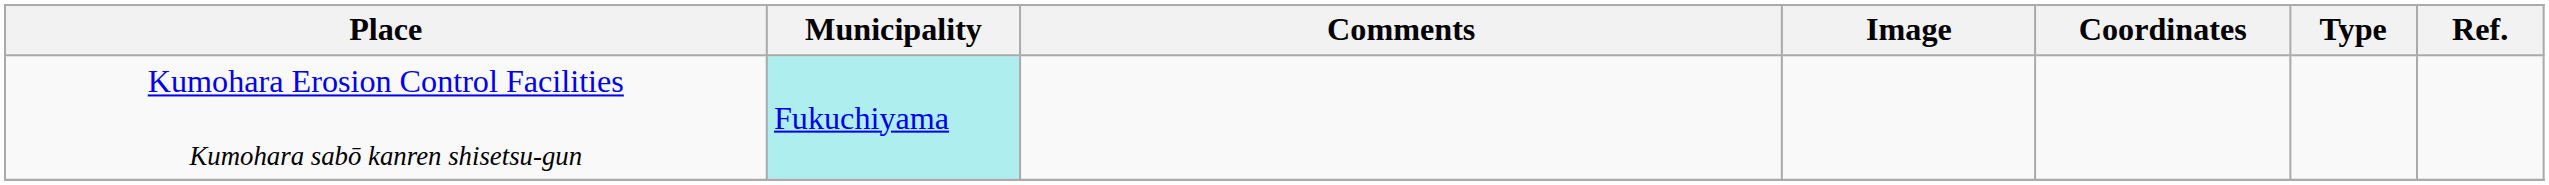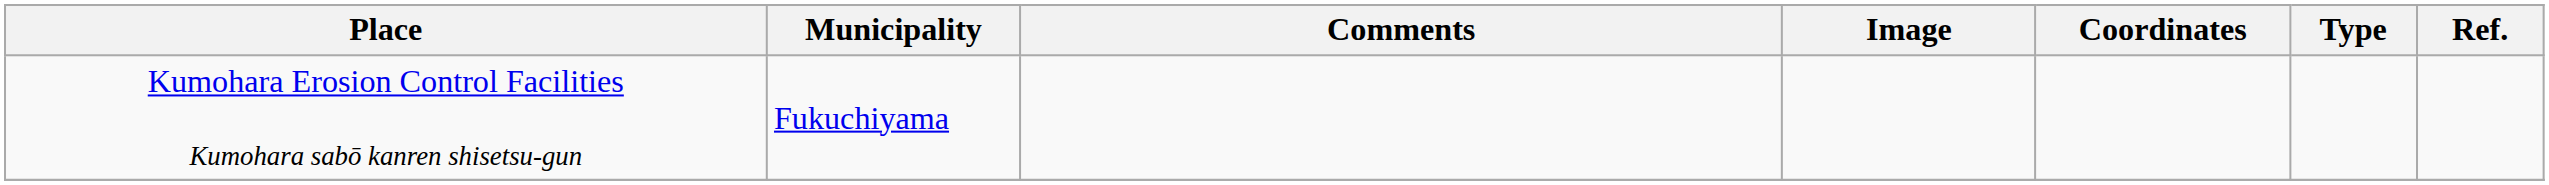 <table class="wikitable sortable"  style="width:100%;">
 <tr>
 <th width="30%" align="left">Place</th>
 <th width="10%" align="left">Municipality</th>
 <th width="30%" align="left" class="unsortable">Comments</th>
 <th width="10%" align="left"  class="unsortable">Image</th>
 <th width="10%" align="left" class="unsortable">Coordinates</th>
 <th width="5%" align="left">Type</th>
 <th width="5%" align="left"  class="unsortable">Ref.</th>
 </tr>
 <tr>
 <td align="center"><a href='#'>Kumohara Erosion Control Facilities</a><br><br><small><em>Kumohara sabō kanren shisetsu-gun</em></small></td>
-<td style="background: paleturquoise;"><a href='#'>Fukuchiyama</a></td>
+<td><a href='#'>Fukuchiyama</a></td>
 <td></td>
 <td></td>
 <td></td>
 <td></td>
 <td></td>
 </tr>
 <tr>
 </tr>
 </table>
